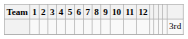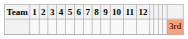 <table class="wikitable" style="font-size:85%; text-align:center;">
 <tr>
 <th>Team</th>
 <th>1</th>
 <th>2</th>
 <th>3</th>
 <th>4</th>
 <th>5</th>
 <th>6</th>
 <th>7</th>
 <th>8</th>
 <th>9</th>
 <th>10</th>
 <th>11</th>
 <th>12</th>
 <th></th>
 <th></th>
 <th></th>
 <th></th>
 <th></th>
 </tr>
 <tr>
 <th align="left"></th>
 <td></td>
 <td></td>
 <td></td>
 <td></td>
 <td></td>
 <td></td>
 <td></td>
 <td></td>
 <td></td>
 <td></td>
 <td></td>
 <td></td>
 <td></td>
 <td></td>
 <td></td>
 <td></td>
-<td>3rd</td>
+<td style="background: lightsalmon;">3rd</td>
 </tr>
 <tr>
 </tr>
 </table>
